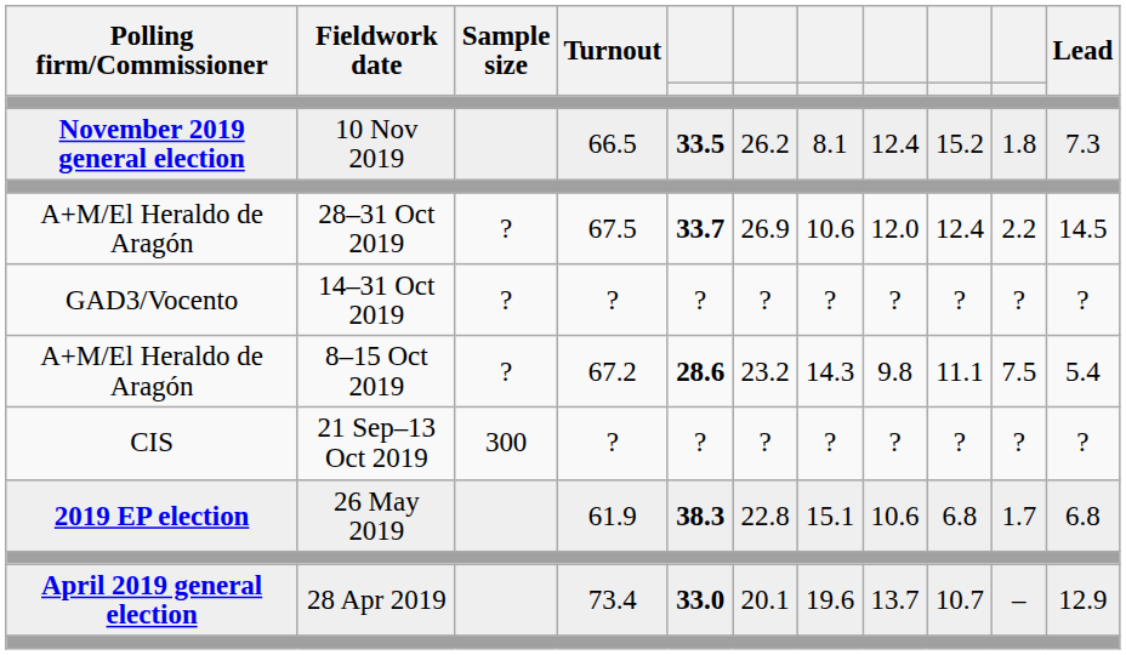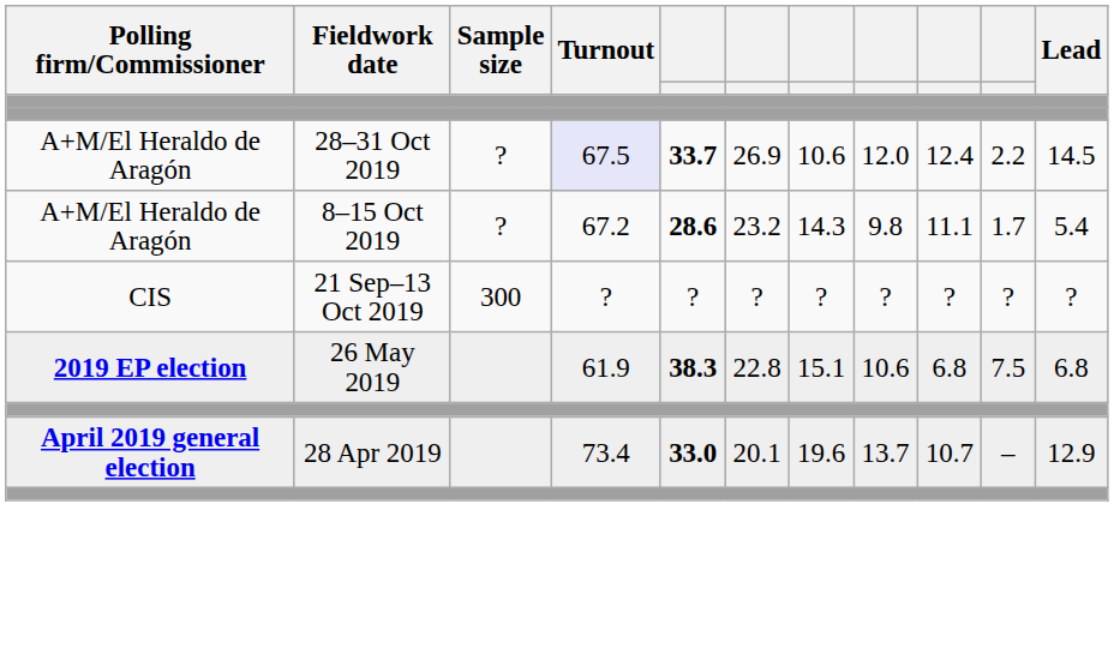 <table class="wikitable collapsible collapsed" style="text-align:center; font-size:95%; line-height:16px;">
 <tr style="height:42px;">
 <th style="width:250px;" rowspan="2">Polling firm/Commissioner</th>
 <th style="width:125px;" rowspan="2">Fieldwork date</th>
 <th style="width:50px;" rowspan="2">Sample size</th>
 <th style="width:45px;" rowspan="2">Turnout</th>
 <th style="width:35px;"></th>
 <th style="width:35px;"></th>
 <th style="width:35px;"></th>
 <th style="width:35px;"></th>
 <th style="width:35px;"></th>
 <th style="width:35px;"></th>
 <th style="width:30px;" rowspan="2">Lead</th>
 </tr>
 <tr>
 <th style="color:inherit;background:"></th>
 <th style="color:inherit;background:"></th>
 <th style="color:inherit;background:"></th>
 <th style="color:inherit;background:"></th>
 <th style="color:inherit;background:"></th>
 <th style="color:inherit;background:"></th>
 </tr>
 <tr>
 <td colspan="11" style="background:#A0A0A0"></td>
 </tr>
-<tr style="background:#EFEFEF;">
-<td><strong><a href='#'>November 2019 general election</a></strong></td>
-<td>10 Nov 2019</td>
-<td></td>
-<td>66.5</td>
-<td><strong>33.5</strong><br></td>
-<td>26.2<br></td>
-<td>8.1<br></td>
-<td>12.4<br></td>
-<td>15.2<br></td>
-<td>1.8<br></td>
-<td style="background:">7.3</td>
-</tr>
 <tr>
 <td colspan="11" style="background:#A0A0A0"></td>
 </tr>
 <tr>
 <td>A+M/El Heraldo de Aragón</td>
 <td>28–31 Oct 2019</td>
 <td>?</td>
-<td>67.5</td>
+<td style="background: lavender;">67.5</td>
 <td><strong>33.7</strong><br></td>
 <td>26.9<br></td>
 <td>10.6<br></td>
 <td>12.0<br></td>
 <td>12.4<br></td>
 <td>2.2<br></td>
 <td style="background:">14.5</td>
-</tr>
-<tr>
-<td>GAD3/Vocento</td>
-<td>14–31 Oct 2019</td>
-<td>?</td>
-<td>?</td>
-<td>?<br></td>
-<td>?<br></td>
-<td>?<br></td>
-<td>?<br></td>
-<td>?<br></td>
-<td>?<br></td>
-<td style="background:">?</td>
 </tr>
 <tr>
 <td>A+M/El Heraldo de Aragón</td>
 <td>8–15 Oct 2019</td>
 <td>?</td>
 <td>67.2</td>
 <td><strong>28.6</strong><br></td>
 <td>23.2<br></td>
 <td>14.3<br></td>
 <td>9.8<br></td>
 <td>11.1<br></td>
-<td>7.5<br></td>
+<td>1.7<br></td>
 <td style="background:">5.4</td>
 </tr>
 <tr>
 <td>CIS</td>
 <td>21 Sep–13 Oct 2019</td>
 <td>300</td>
 <td>?</td>
 <td>?<br></td>
 <td>?<br></td>
 <td>?<br></td>
 <td>?<br></td>
 <td>?<br></td>
 <td>?<br></td>
 <td style="background:">?</td>
 </tr>
 <tr style="background:#EFEFEF;">
 <td><strong><a href='#'>2019 EP election</a></strong></td>
 <td>26 May 2019</td>
 <td></td>
 <td>61.9</td>
 <td><strong>38.3</strong><br></td>
 <td>22.8<br></td>
 <td>15.1<br></td>
 <td>10.6<br></td>
 <td>6.8<br></td>
-<td>1.7<br></td>
+<td>7.5<br></td>
 <td style="background:">6.8</td>
 </tr>
 <tr>
 <td colspan="11" style="background:#A0A0A0"></td>
 </tr>
 <tr style="background:#EFEFEF;">
 <td><strong><a href='#'>April 2019 general election</a></strong></td>
 <td>28 Apr 2019</td>
 <td></td>
 <td>73.4</td>
 <td><strong>33.0</strong><br></td>
 <td>20.1<br></td>
 <td>19.6<br></td>
 <td>13.7<br></td>
 <td>10.7<br></td>
 <td>–</td>
 <td style="background:">12.9</td>
 </tr>
 <tr>
 <td colspan="11" style="background:#A0A0A0"></td>
 </tr>
 </table>
